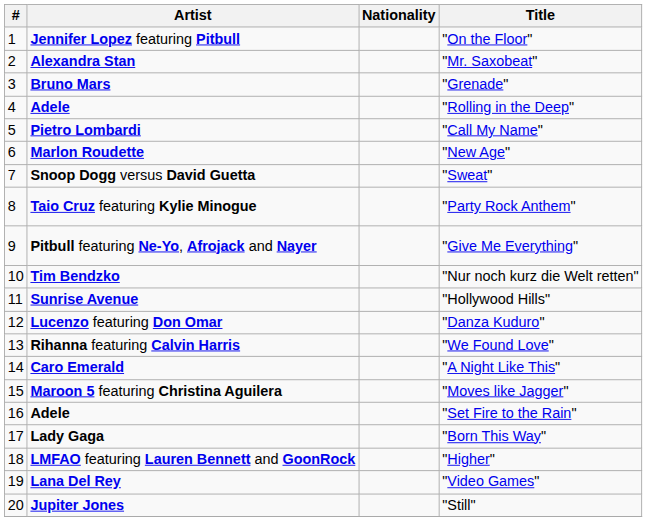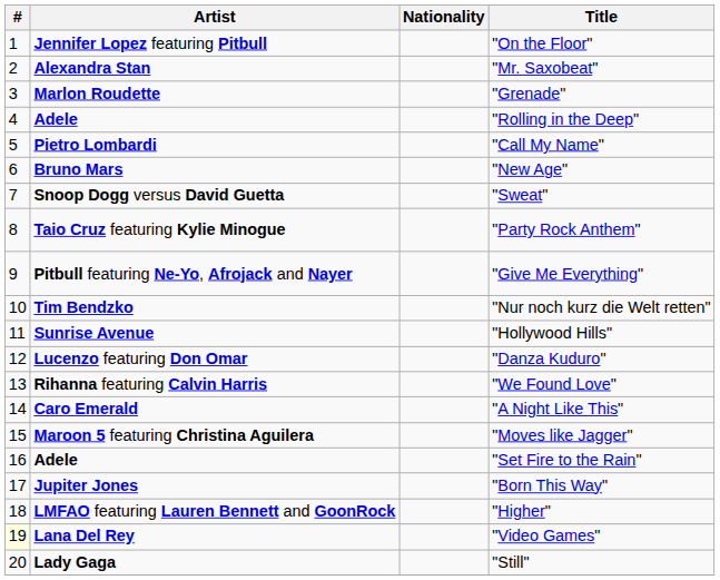 <table class="wikitable sortable">
 <tr>
 <th>#</th>
 <th>Artist</th>
 <th>Nationality</th>
 <th>Title</th>
 </tr>
 <tr>
 <td>1</td>
 <td><strong><a href='#'>Jennifer Lopez</a></strong> featuring <strong><a href='#'>Pitbull</a></strong></td>
 <td></td>
 <td>"<a href='#'>On the Floor</a>"</td>
 </tr>
 <tr>
 <td>2</td>
 <td><strong><a href='#'>Alexandra Stan</a></strong></td>
 <td></td>
 <td>"<a href='#'>Mr. Saxobeat</a>"</td>
 </tr>
 <tr>
 <td>3</td>
-<td><strong><a href='#'>Bruno Mars</a></strong></td>
+<td><strong><a href='#'>Marlon Roudette</a></strong></td>
 <td></td>
 <td>"<a href='#'>Grenade</a>"</td>
 </tr>
 <tr>
 <td>4</td>
 <td><strong><a href='#'>Adele</a></strong></td>
 <td></td>
 <td>"<a href='#'>Rolling in the Deep</a>"</td>
 </tr>
 <tr>
 <td>5</td>
 <td><strong><a href='#'>Pietro Lombardi</a></strong></td>
 <td></td>
 <td>"<a href='#'>Call My Name</a>"</td>
 </tr>
 <tr>
 <td>6</td>
-<td><strong><a href='#'>Marlon Roudette</a></strong></td>
+<td><strong><a href='#'>Bruno Mars</a></strong></td>
 <td></td>
 <td>"<a href='#'>New Age</a>"</td>
 </tr>
 <tr>
 <td>7</td>
 <td><strong>Snoop Dogg</strong> versus <strong>David Guetta</strong></td>
 <td><br></td>
 <td>"<a href='#'>Sweat</a>"</td>
 </tr>
 <tr>
 <td>8</td>
 <td><strong><a href='#'>Taio Cruz</a></strong> featuring <strong>Kylie Minogue</strong></td>
 <td><br><br></td>
 <td>"<a href='#'>Party Rock Anthem</a>"</td>
 </tr>
 <tr>
 <td>9</td>
 <td><strong>Pitbull</strong> featuring <strong><a href='#'>Ne-Yo</a></strong>, <strong><a href='#'>Afrojack</a></strong> and <strong><a href='#'>Nayer</a></strong></td>
 <td><br><br></td>
 <td>"<a href='#'>Give Me Everything</a>"</td>
 </tr>
 <tr>
 <td>10</td>
 <td><strong><a href='#'>Tim Bendzko</a></strong></td>
 <td></td>
 <td>"Nur noch kurz die Welt retten"</td>
 </tr>
 <tr>
 <td>11</td>
 <td><strong><a href='#'>Sunrise Avenue</a></strong></td>
 <td></td>
 <td>"Hollywood Hills"</td>
 </tr>
 <tr>
 <td>12</td>
 <td><strong><a href='#'>Lucenzo</a></strong> featuring <strong><a href='#'>Don Omar</a></strong></td>
 <td><br></td>
 <td>"<a href='#'>Danza Kuduro</a>"</td>
 </tr>
 <tr>
 <td>13</td>
 <td><strong>Rihanna</strong> featuring <strong><a href='#'>Calvin Harris</a></strong></td>
 <td><br></td>
 <td>"<a href='#'>We Found Love</a>"</td>
 </tr>
 <tr>
 <td>14</td>
 <td><strong><a href='#'>Caro Emerald</a></strong></td>
 <td></td>
 <td>"<a href='#'>A Night Like This</a>"</td>
 </tr>
 <tr>
 <td>15</td>
 <td><strong><a href='#'>Maroon 5</a></strong> featuring <strong>Christina Aguilera</strong></td>
 <td></td>
 <td>"<a href='#'>Moves like Jagger</a>"</td>
 </tr>
 <tr>
 <td>16</td>
 <td><strong>Adele</strong></td>
 <td></td>
 <td>"<a href='#'>Set Fire to the Rain</a>"</td>
 </tr>
 <tr>
 <td>17</td>
-<td><strong>Lady Gaga</strong></td>
+<td><strong><a href='#'>Jupiter Jones</a></strong></td>
 <td></td>
 <td>"<a href='#'>Born This Way</a>"</td>
 </tr>
 <tr>
 <td>18</td>
 <td><strong><a href='#'>LMFAO</a></strong> featuring <strong><a href='#'>Lauren Bennett</a></strong> and <strong><a href='#'>GoonRock</a></strong></td>
 <td><br></td>
 <td>"<a href='#'>Higher</a>"</td>
 </tr>
 <tr>
-<td>19</td>
+<td style="background: lightyellow;">19</td>
 <td><strong><a href='#'>Lana Del Rey</a></strong></td>
 <td></td>
 <td>"<a href='#'>Video Games</a>"</td>
 </tr>
 <tr>
 <td>20</td>
-<td><strong><a href='#'>Jupiter Jones</a></strong></td>
+<td><strong>Lady Gaga</strong></td>
 <td></td>
 <td>"Still"</td>
 </tr>
 <tr>
 </tr>
 </table>
